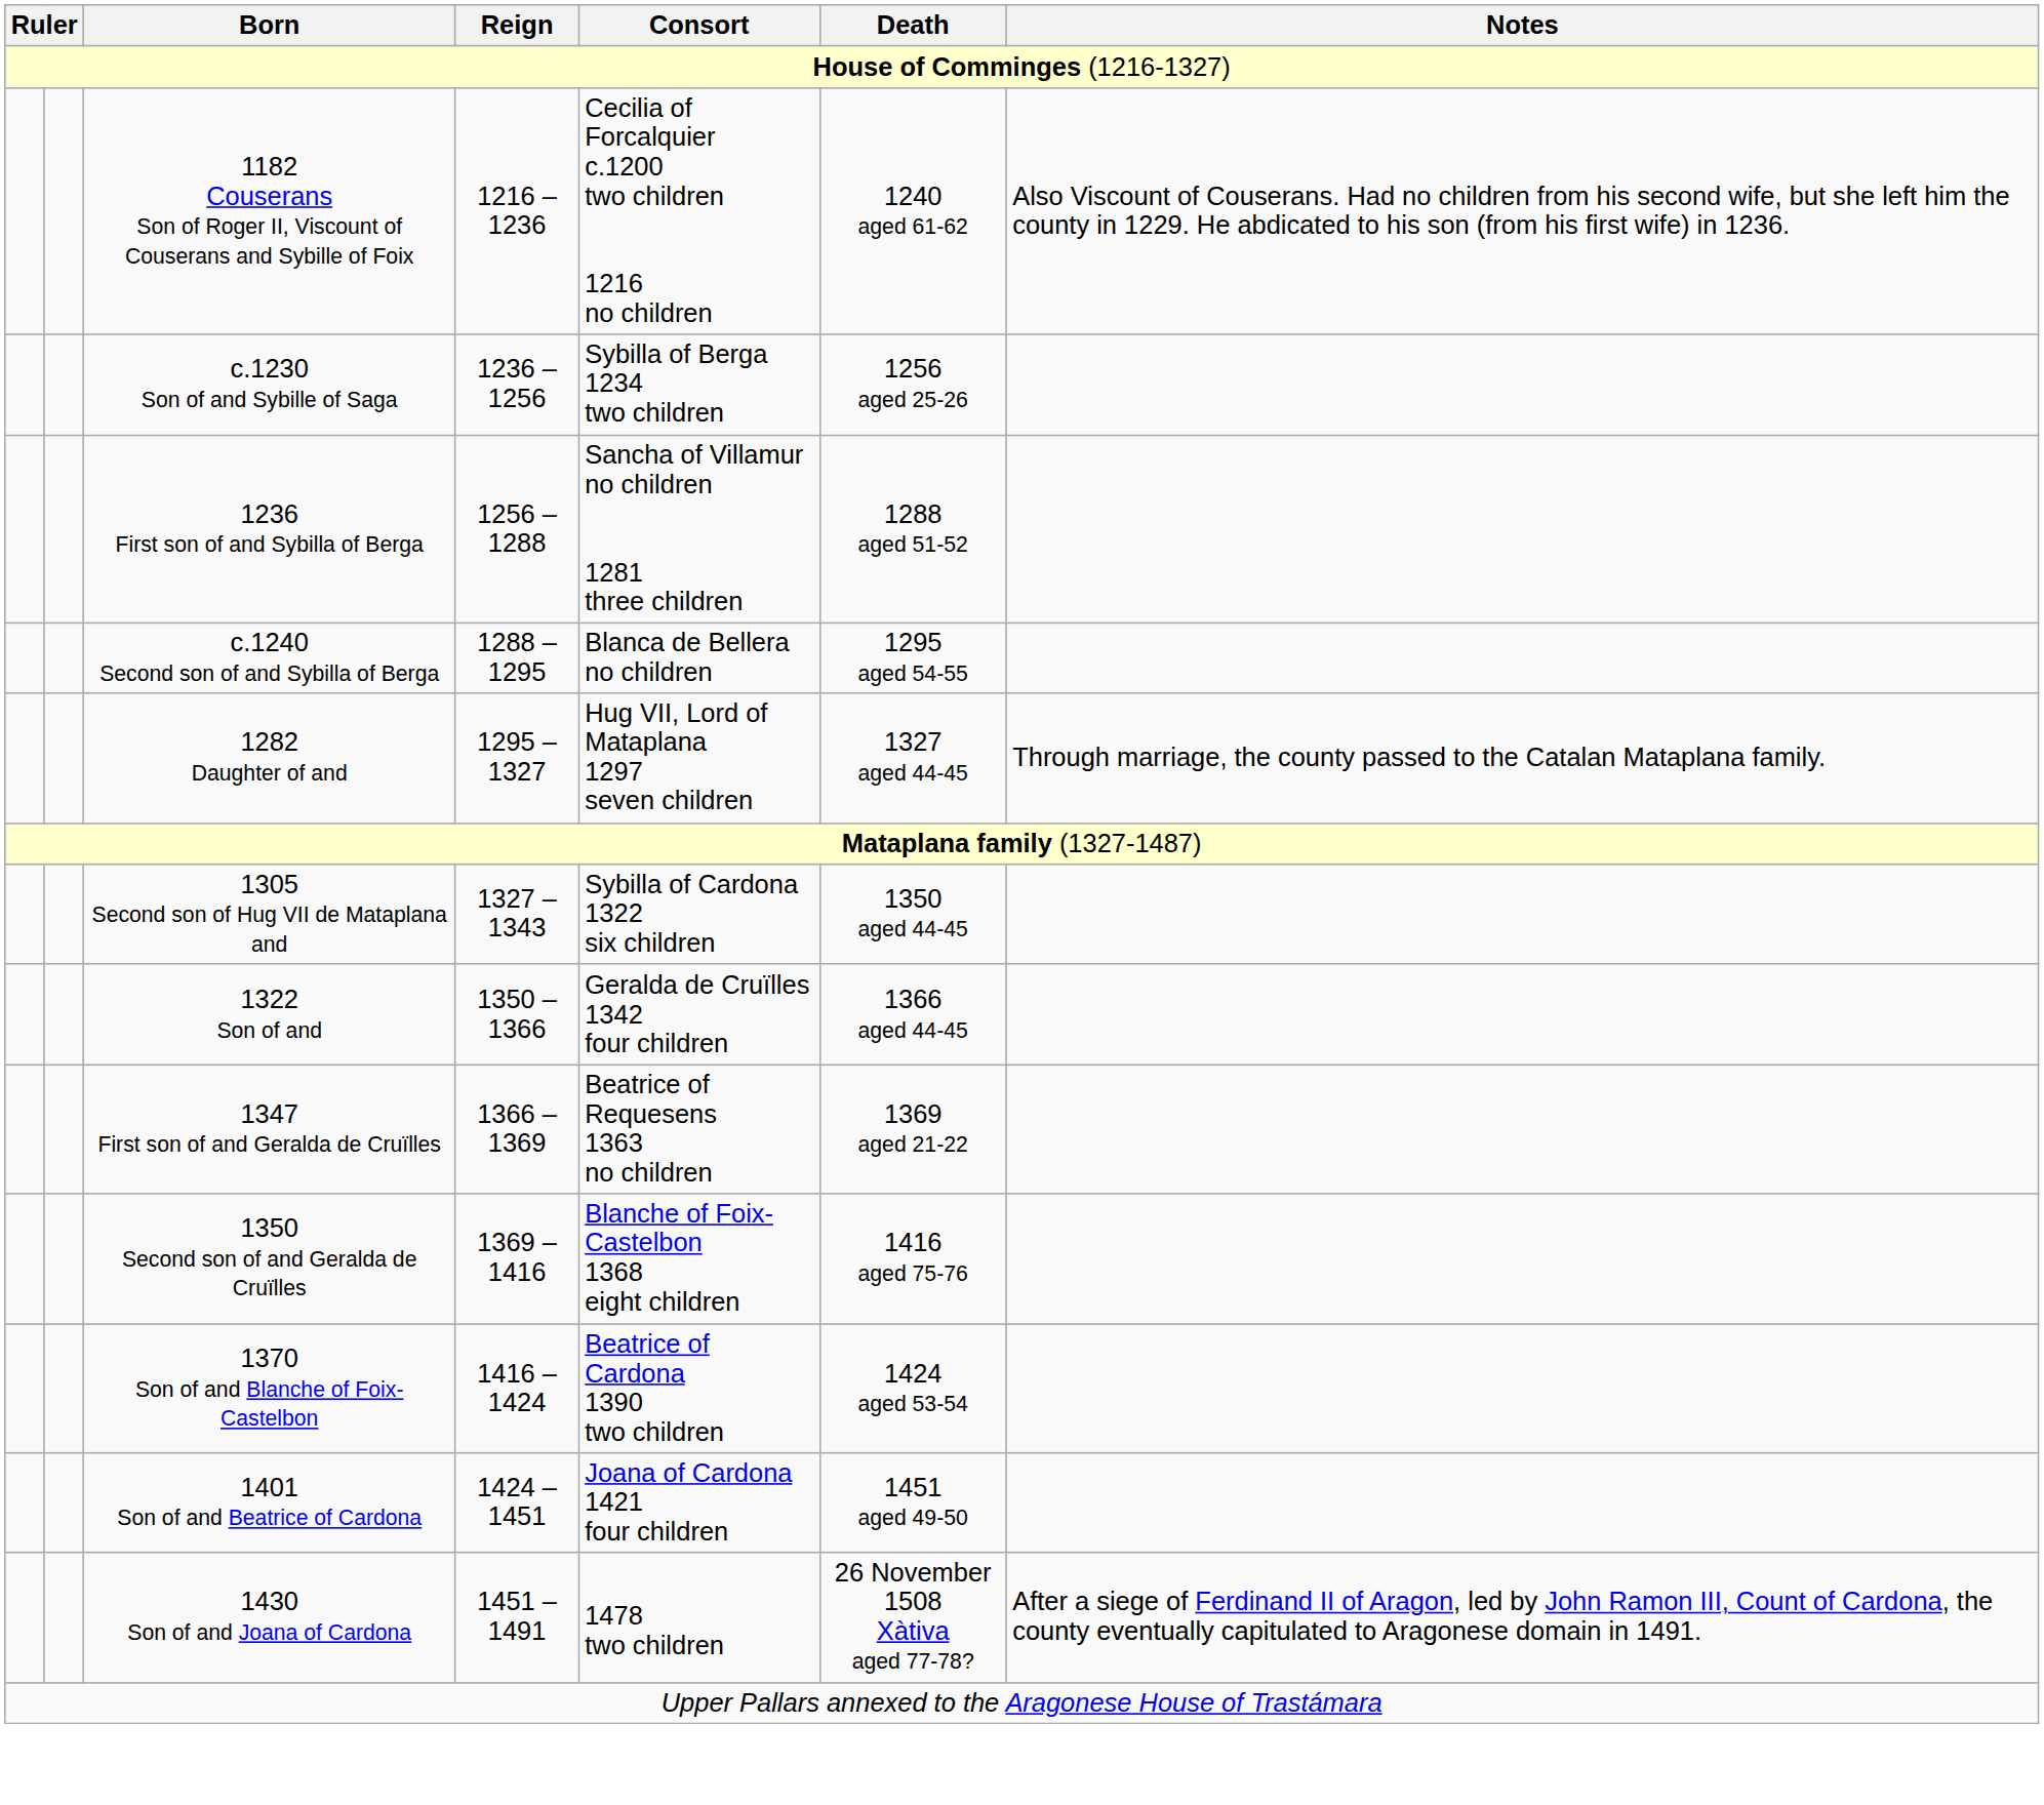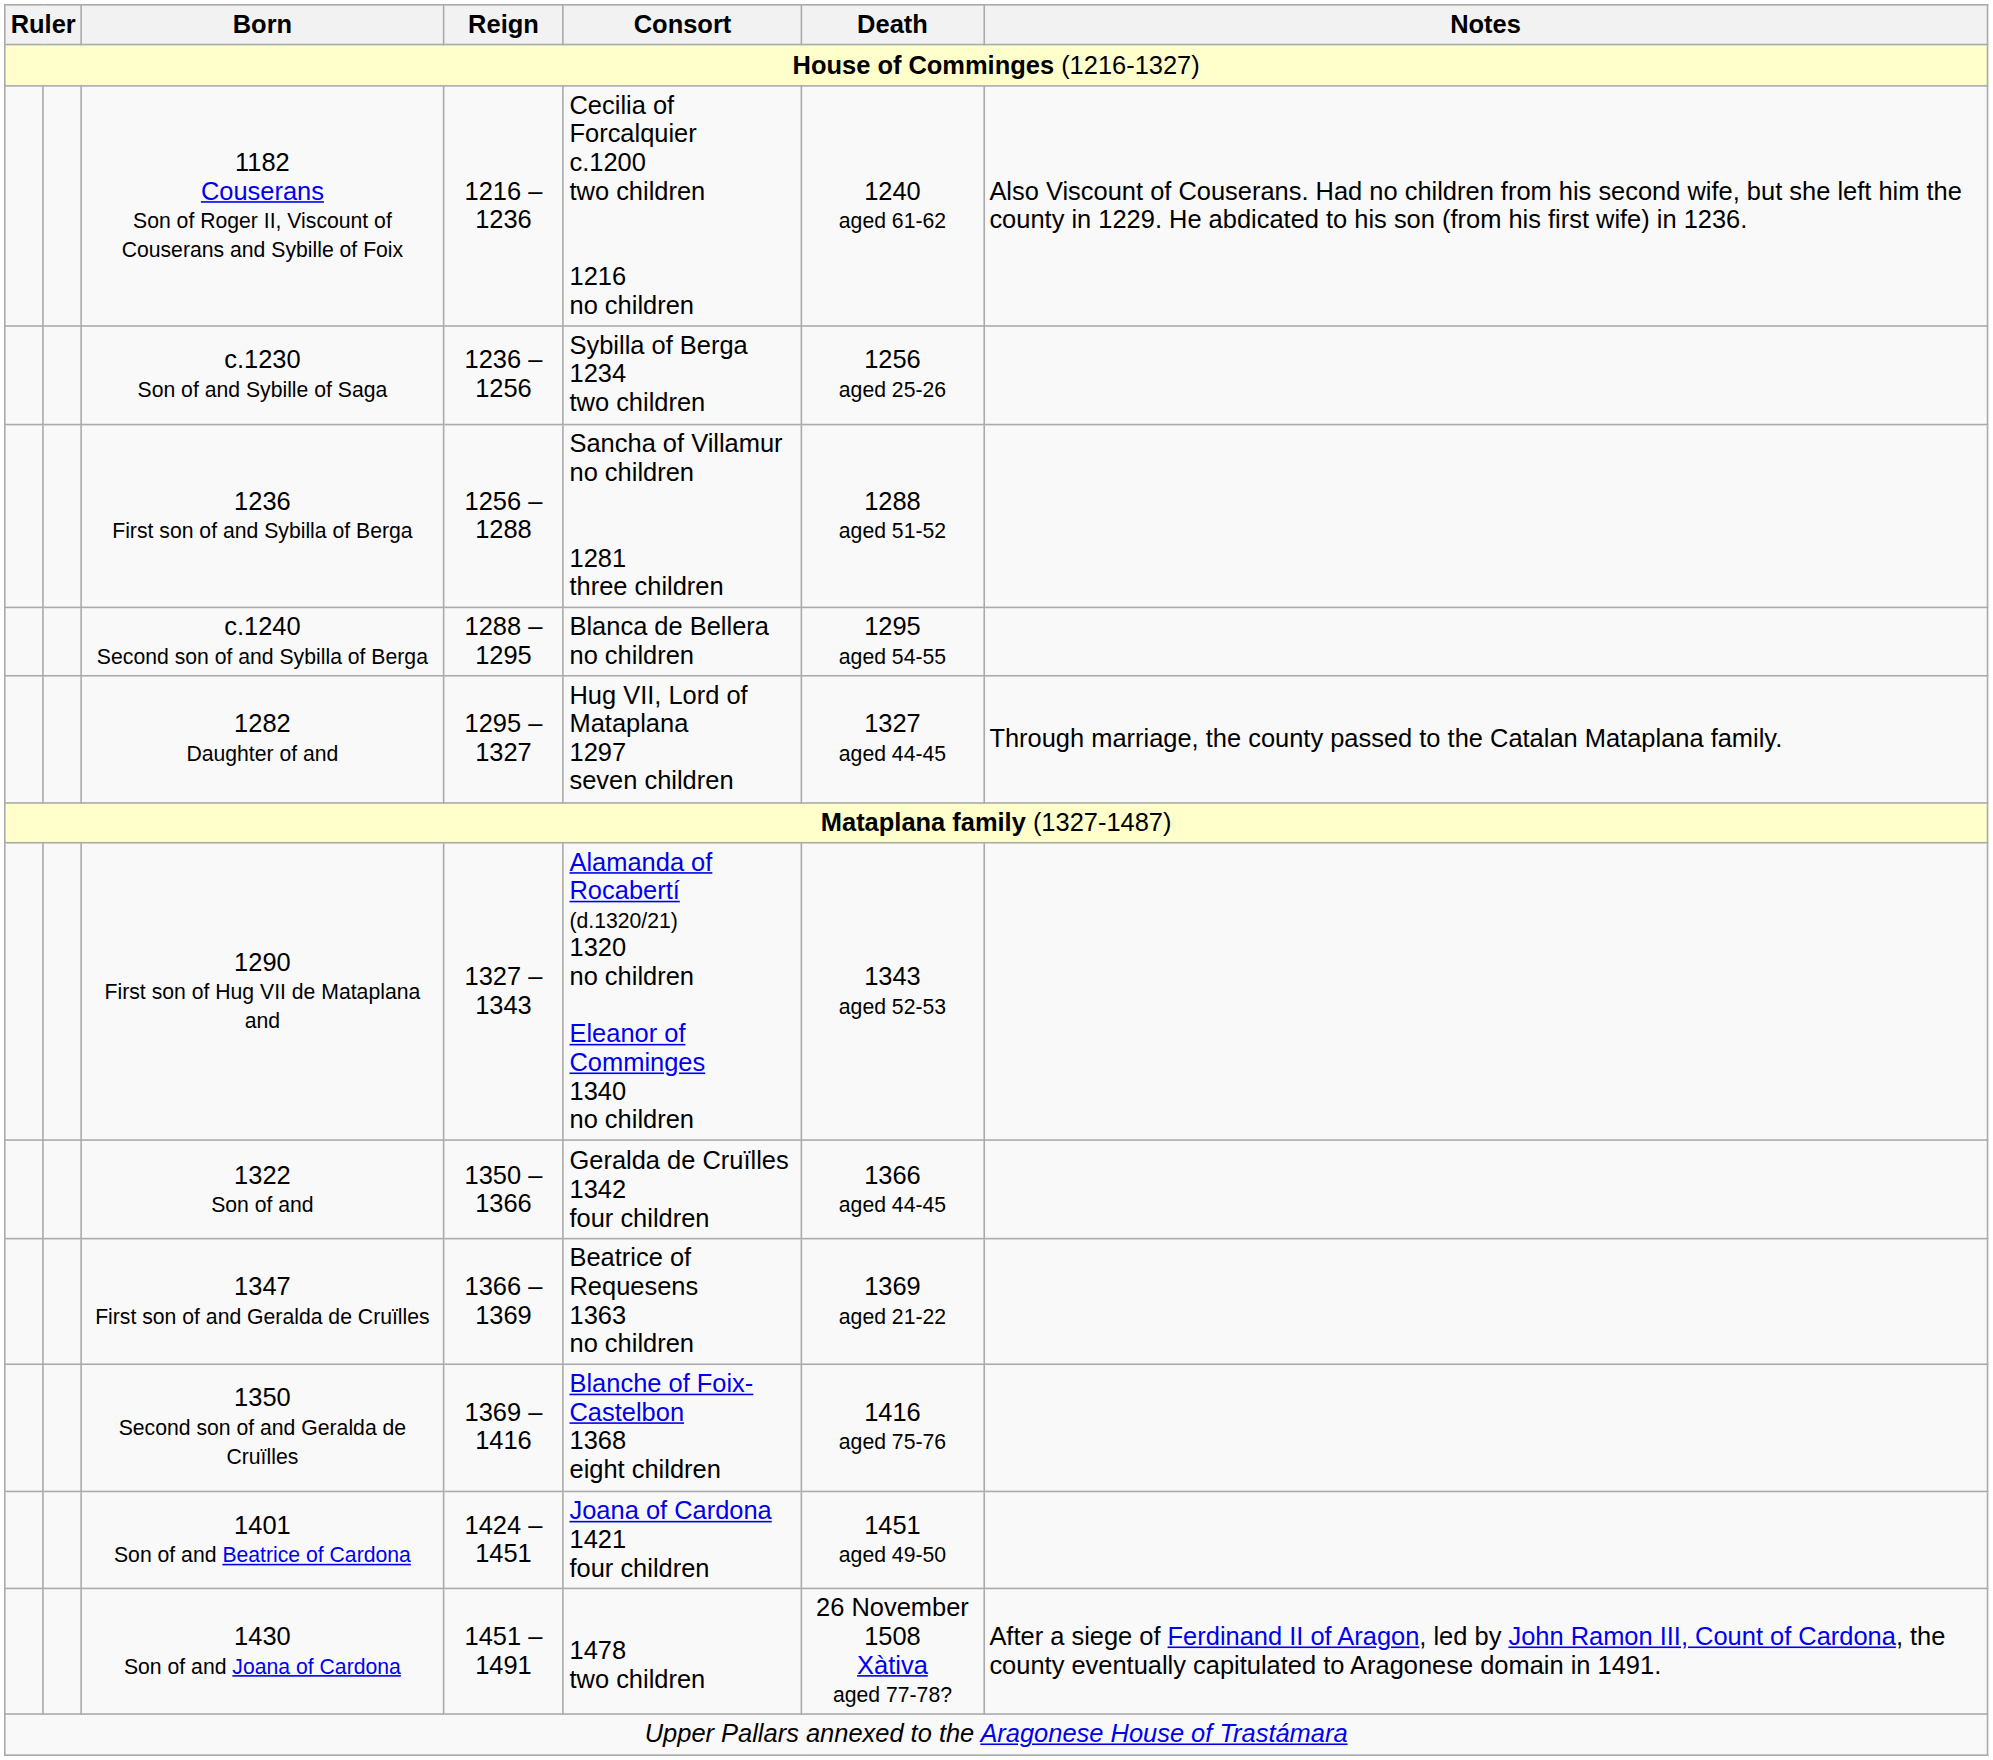 <table class="wikitable sticky-header">
 <tr>
 <th colspan=2>Ruler</th>
 <th>Born</th>
 <th>Reign</th>
 <th>Consort</th>
 <th>Death</th>
 <th>Notes</th>
 </tr>
 <tr style="background:#ffc">
 <td colspan=7 align=center><strong>House of Comminges</strong> (1216-1327)</td>
 </tr>
 <tr>
 <td></td>
 <td></td>
 <td align=center>1182<br><a href='#'>Couserans</a><br><small>Son of Roger II, Viscount of Couserans and Sybille of Foix</small></td>
 <td align=center>1216 – 1236</td>
 <td>Cecilia of Forcalquier<br>c.1200<br>two children<br><br><br>1216<br>no children</td>
 <td align=center>1240<br><small>aged 61-62</small></td>
 <td>Also Viscount of Couserans. Had no children from his second wife, but she left him the county in 1229. He abdicated to his son (from his first wife) in 1236.</td>
 </tr>
 <tr>
 <td></td>
 <td></td>
 <td align=center>c.1230<br><small>Son of  and Sybille of Saga</small></td>
 <td align=center>1236 – 1256</td>
 <td>Sybilla of Berga<br>1234<br>two children</td>
 <td align=center>1256<br><small>aged 25-26</small></td>
 <td></td>
 </tr>
 <tr>
 <td></td>
 <td></td>
 <td align=center>1236<br><small>First son of  and Sybilla of Berga</small></td>
 <td align=center>1256 – 1288</td>
 <td>Sancha of Villamur<br>no children<br><br><br>1281<br>three children</td>
 <td align=center>1288<br><small>aged 51-52</small></td>
 <td></td>
 </tr>
 <tr>
 <td></td>
 <td></td>
 <td align=center>c.1240<br><small>Second son of  and Sybilla of Berga</small></td>
 <td align=center>1288 – 1295</td>
 <td>Blanca de Bellera<br>no children</td>
 <td align=center>1295<br><small>aged 54-55</small></td>
 <td></td>
 </tr>
 <tr>
 <td></td>
 <td></td>
 <td align=center>1282<br><small>Daughter of  and </small></td>
 <td align=center>1295 – 1327</td>
 <td>Hug VII, Lord of Mataplana<br>1297<br>seven children</td>
 <td align=center>1327<br><small>aged 44-45</small></td>
 <td>Through marriage, the county passed to the Catalan Mataplana family.</td>
 </tr>
 <tr style="background:#ffc">
 <td colspan=7 align=center><strong>Mataplana family</strong> (1327-1487)</td>
 </tr>
 <tr>
 <td></td>
 <td></td>
-<td align=center>1305<br><small>Second son of Hug VII de Mataplana and </small></td>
+<td align=center>1290<br><small>First son of Hug VII de Mataplana and </small></td>
 <td align=center>1327 – 1343</td>
-<td>Sybilla of Cardona<br>1322<br>six children</td>
-<td align=center>1350<br><small>aged 44-45</small></td>
+<td><a href='#'>Alamanda of Rocabertí</a><br><small>(d.1320/21)</small><br>1320<br>no children<br><br><a href='#'>Eleanor of Comminges</a><br>1340<br>no children</td>
+<td align=center>1343<br><small>aged 52-53</small></td>
 <td></td>
 </tr>
 <tr>
 <td></td>
 <td></td>
 <td align=center>1322<br><small>Son of  and </small></td>
 <td align=center>1350 – 1366</td>
 <td>Geralda de Cruïlles<br>1342<br>four children</td>
 <td align=center>1366<br><small>aged 44-45</small></td>
 <td></td>
 </tr>
 <tr>
 <td></td>
 <td></td>
 <td align=center>1347<br><small>First son of  and Geralda de Cruïlles</small></td>
 <td align=center>1366 – 1369</td>
 <td>Beatrice of Requesens<br>1363<br>no children</td>
 <td align=center>1369<br><small>aged 21-22</small></td>
 <td></td>
 </tr>
 <tr>
 <td></td>
 <td></td>
 <td align=center>1350<br><small>Second son of  and Geralda de Cruïlles</small></td>
 <td align=center>1369 – 1416</td>
 <td><a href='#'>Blanche of Foix-Castelbon</a><br>1368<br>eight children</td>
 <td align=center>1416<br><small>aged 75-76</small></td>
 <td></td>
 </tr>
 <tr>
 <td></td>
 <td></td>
-<td align=center>1370<br><small>Son of  and <a href='#'>Blanche of Foix-Castelbon</a></small></td>
-<td align=center>1416 – 1424</td>
-<td><a href='#'>Beatrice of Cardona</a><br>1390<br>two children</td>
-<td align=center>1424<br><small>aged 53-54</small></td>
-<td></td>
-</tr>
-<tr>
-<td></td>
-<td></td>
 <td align=center>1401<br><small>Son of  and <a href='#'>Beatrice of Cardona</a></small></td>
 <td align=center>1424 – 1451</td>
 <td><a href='#'>Joana of Cardona</a><br>1421<br>four children</td>
 <td align=center>1451<br><small>aged 49-50</small></td>
 <td></td>
 </tr>
 <tr>
 <td></td>
 <td></td>
 <td align=center>1430<br><small>Son of  and <a href='#'>Joana of Cardona</a></small></td>
 <td align=center>1451 – 1491</td>
 <td><br>1478<br>two children</td>
 <td align=center>26 November 1508<br><a href='#'>Xàtiva</a><br><small>aged 77-78?</small></td>
 <td>After a siege of <a href='#'>Ferdinand II of Aragon</a>, led by <a href='#'>John Ramon III, Count of Cardona</a>, the county eventually capitulated to Aragonese domain in 1491.</td>
 </tr>
 <tr>
 <td align=center colspan=7><em>Upper Pallars annexed to the <a href='#'>Aragonese House of Trastámara</a></em></td>
 </tr>
 <tr>
 </tr>
 </table>
